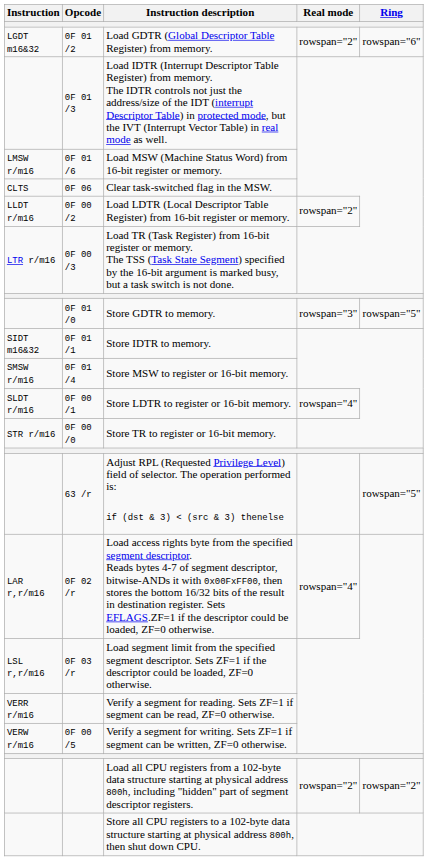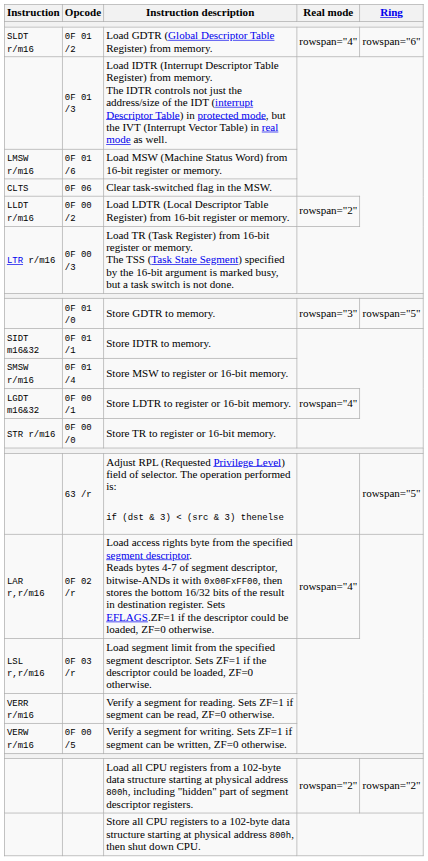 <table class="wikitable sortable sticky-header">
 <tr>
 <th>Instruction</th>
 <th>Opcode</th>
 <th>Instruction description</th>
 <th>Real mode</th>
 <th><a href='#'>Ring</a></th>
 </tr>
 <tr>
 <th colspan="5"></th>
 </tr>
 <tr>
-<td><code>LGDT m16&32</code></td>
+<td><code>SLDT r/m16</code></td>
 <td><code>0F 01 /2</code></td>
 <td>Load GDTR (<a href='#'>Global Descriptor Table</a> Register) from memory.</td>
-<td>rowspan="2" </td>
+<td>rowspan="4" </td>
 <td>rowspan="6" </td>
 </tr>
 <tr>
 <td></td>
 <td><code>0F 01 /3</code></td>
 <td>Load IDTR (Interrupt Descriptor Table Register) from memory.<br>The IDTR controls not just the address/size of the IDT (<a href='#'>interrupt Descriptor Table</a>) in <a href='#'>protected mode</a>, but the IVT (Interrupt Vector Table) in <a href='#'>real mode</a> as well.</td>
 </tr>
 <tr>
 <td><code>LMSW r/m16</code></td>
 <td><code>0F 01 /6</code></td>
 <td>Load MSW (Machine Status Word) from 16-bit register or memory.</td>
 </tr>
 <tr>
 <td><code>CLTS</code></td>
 <td><code>0F 06</code></td>
 <td>Clear task-switched flag in the MSW.</td>
 </tr>
 <tr>
 <td><code>LLDT r/m16</code></td>
 <td><code>0F 00 /2</code></td>
 <td>Load LDTR (Local Descriptor Table Register) from 16-bit register or memory.</td>
 <td>rowspan="2" </td>
 </tr>
 <tr>
 <td><code><a href='#'>LTR</a> r/m16</code></td>
 <td><code>0F 00 /3</code></td>
 <td>Load TR (Task Register) from 16-bit register or memory.<br>The TSS (<a href='#'>Task State Segment</a>) specified by the 16-bit argument is marked busy, but a task switch is not done.</td>
 </tr>
 <tr>
 <th colspan="5"></th>
 </tr>
 <tr>
 <td></td>
 <td><code>0F 01 /0</code></td>
 <td>Store GDTR to memory.</td>
 <td>rowspan="3" </td>
 <td>rowspan="5" </td>
 </tr>
 <tr>
 <td><code>SIDT m16&32</code></td>
 <td><code>0F 01 /1</code></td>
 <td>Store IDTR to memory.</td>
 </tr>
 <tr>
 <td><code>SMSW r/m16</code></td>
 <td><code>0F 01 /4</code></td>
 <td>Store MSW to register or 16-bit memory.</td>
 </tr>
 <tr>
-<td><code>SLDT r/m16</code></td>
+<td><code>LGDT m16&32</code></td>
 <td><code>0F 00 /1</code></td>
 <td>Store LDTR to register or 16-bit memory.</td>
 <td>rowspan="4" </td>
 </tr>
 <tr>
 <td><code>STR r/m16</code></td>
 <td><code>0F 00 /0</code></td>
 <td>Store TR to register or 16-bit memory.</td>
 </tr>
 <tr>
 <th colspan="5"></th>
 </tr>
 <tr>
 <td></td>
 <td><code>63 /r</code></td>
 <td>Adjust RPL (Requested <a href='#'>Privilege Level</a>) field of selector. The operation performed is:<pre><br>if (dst & 3) < (src & 3) thenelse</td>
 <td></td>
 <td>rowspan="5" </td>
 </tr>
 <tr>
 <td><code>LAR r,r/m16</code></td>
 <td><code>0F 02 /r</code></td>
 <td>Load access rights byte from the specified <a href='#'>segment descriptor</a>.<br>Reads bytes 4-7 of segment descriptor, bitwise-ANDs it with <code>0x00FxFF00</code>, then stores the bottom 16/32 bits of the result in destination register. Sets <a href='#'>EFLAGS</a>.ZF=1 if the descriptor could be loaded, ZF=0 otherwise.</td>
 <td>rowspan="4" </td>
 </tr>
 <tr>
 <td><code>LSL r,r/m16</code></td>
 <td><code>0F 03 /r</code></td>
 <td>Load segment limit from the specified segment descriptor. Sets ZF=1 if the descriptor could be loaded, ZF=0 otherwise.</td>
 </tr>
 <tr>
 <td><code>VERR r/m16</code></td>
 <td></td>
 <td>Verify a segment for reading. Sets ZF=1 if segment can be read, ZF=0 otherwise.</td>
 </tr>
 <tr>
 <td><code>VERW r/m16</code></td>
 <td><code>0F 00 /5</code></td>
 <td>Verify a segment for writing. Sets ZF=1 if segment can be written, ZF=0 otherwise.</td>
 </tr>
 <tr>
 <th colspan="5"></th>
 </tr>
 <tr>
 <td></td>
 <td></td>
 <td>Load all CPU registers from a 102-byte data structure starting at physical address <code>800h</code>, including "hidden" part of segment descriptor registers.</td>
 <td>rowspan="2" </td>
 <td>rowspan="2" </td>
 </tr>
 <tr>
 <td></td>
 <td></td>
 <td>Store all CPU registers to a 102-byte data structure starting at physical address <code>800h</code>, then shut down CPU.</td>
 </tr>
 </table>
